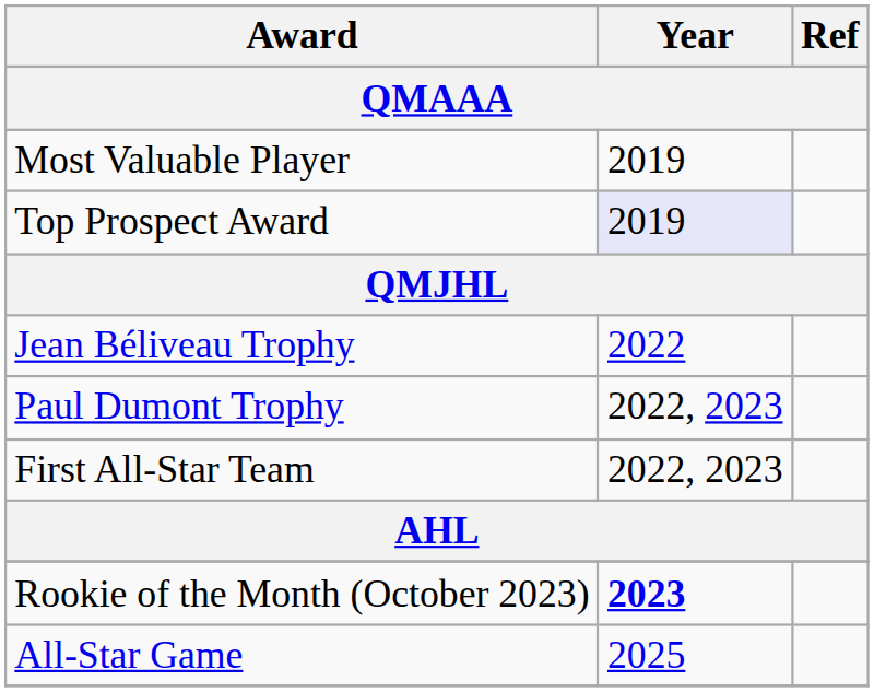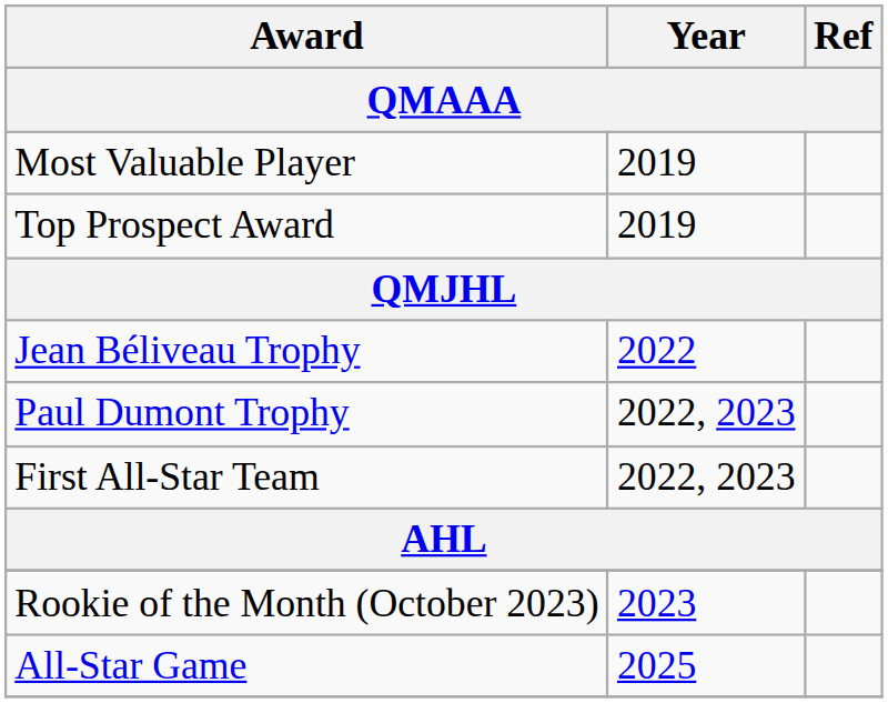 <table class="wikitable">
 <tr>
 <th>Award</th>
 <th>Year</th>
 <th>Ref</th>
 </tr>
 <tr ALIGN="center" bgcolor="#e0e0e0">
 <th colspan="4"><a href='#'>QMAAA</a></th>
 </tr>
 <tr>
 <td>Most Valuable Player</td>
 <td>2019</td>
 <td></td>
 </tr>
 <tr>
 <td>Top Prospect Award</td>
-<td style="background: lavender;">2019</td>
+<td>2019</td>
 <td></td>
 </tr>
 <tr>
 <th colspan="4"><a href='#'>QMJHL</a></th>
 </tr>
 <tr>
 <td><a href='#'>Jean Béliveau Trophy</a></td>
 <td><a href='#'>2022</a></td>
 <td></td>
 </tr>
 <tr>
 <td><a href='#'>Paul Dumont Trophy</a></td>
 <td>2022, <a href='#'>2023</a></td>
 <td></td>
 </tr>
 <tr>
 <td>First All-Star Team</td>
 <td>2022, 2023</td>
 <td></td>
 </tr>
 <tr>
 <th colspan="4"><a href='#'>AHL</a></th>
 </tr>
 <tr>
 </tr>
 <tr>
 <td>Rookie of the Month (October 2023)</td>
-<td><strong><a href='#'>2023</a></strong></td>
+<td><a href='#'>2023</a></td>
 <td></td>
 </tr>
 <tr>
 <td><a href='#'>All-Star Game</a></td>
 <td><a href='#'>2025</a></td>
 <td></td>
 </tr>
 <tr>
 </tr>
 </table>
